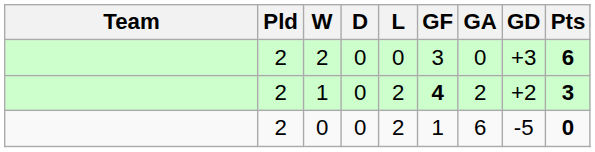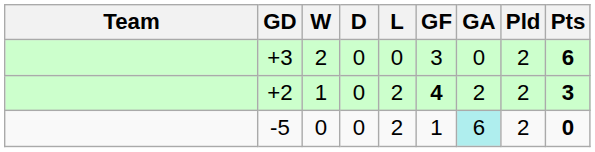 <table class="wikitable" style="text-align: center;">
 <tr>
 <th width="175">Team</th>
-<th width="20">Pld</th>
+<th width="20">GD</th>
 <th width="20">W</th>
 <th width="20">D</th>
 <th width="20">L</th>
 <th width="20">GF</th>
 <th width="20">GA</th>
-<th width="20">GD</th>
+<th width="20">Pld</th>
 <th width="20">Pts</th>
 </tr>
 <tr bgcolor=#ccffcc>
 <td align=left></td>
-<td>2</td>
+<td>+3</td>
 <td>2</td>
 <td>0</td>
 <td>0</td>
 <td>3</td>
 <td>0</td>
-<td>+3</td>
+<td>2</td>
 <td><strong>6</strong></td>
 </tr>
 <tr bgcolor=#ccffcc>
 <td align=left></td>
-<td>2</td>
+<td>+2</td>
 <td>1</td>
 <td>0</td>
 <td>2</td>
 <td><strong>4</strong></td>
 <td>2</td>
-<td>+2</td>
+<td>2</td>
 <td><strong>3</strong></td>
 </tr>
 <tr>
 <td align=left></td>
-<td>2</td>
+<td>-5</td>
 <td>0</td>
 <td>0</td>
 <td>2</td>
 <td>1</td>
-<td>6</td>
-<td>-5</td>
+<td style="background: paleturquoise;">6</td>
+<td>2</td>
 <td><strong>0</strong></td>
 </tr>
 </table>
